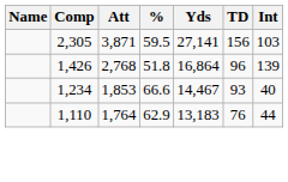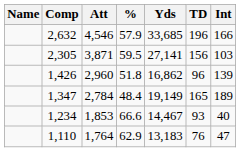 <table class="wikitable sortable" style="text-align:center">
 <tr>
 <th scope="col">Name</th>
 <th scope="col">Comp</th>
 <th scope="col">Att</th>
 <th scope="col">%</th>
 <th scope="col">Yds</th>
 <th scope="col">TD</th>
 <th scope="col">Int</th>
+</tr>
+<tr>
+<td></td>
+<td>2,632</td>
+<td>4,546</td>
+<td>57.9</td>
+<td>33,685</td>
+<td>196</td>
+<td>166</td>
 </tr>
 <tr>
 <td></td>
 <td>2,305</td>
 <td>3,871</td>
 <td>59.5</td>
 <td>27,141</td>
 <td>156</td>
 <td>103</td>
 </tr>
 <tr>
 <td></td>
 <td>1,426</td>
-<td>2,768</td>
+<td>2,960</td>
 <td>51.8</td>
-<td>16,864</td>
+<td>16,862</td>
 <td>96</td>
 <td>139</td>
+</tr>
+<tr>
+<td></td>
+<td>1,347</td>
+<td>2,784</td>
+<td>48.4</td>
+<td>19,149</td>
+<td>165</td>
+<td>189</td>
 </tr>
 <tr>
 <td></td>
 <td>1,234</td>
 <td>1,853</td>
 <td>66.6</td>
 <td>14,467</td>
 <td>93</td>
 <td>40</td>
 </tr>
 <tr>
 <td></td>
 <td>1,110</td>
 <td>1,764</td>
 <td>62.9</td>
 <td>13,183</td>
 <td>76</td>
-<td>44</td>
+<td>47</td>
 </tr>
 </table>
